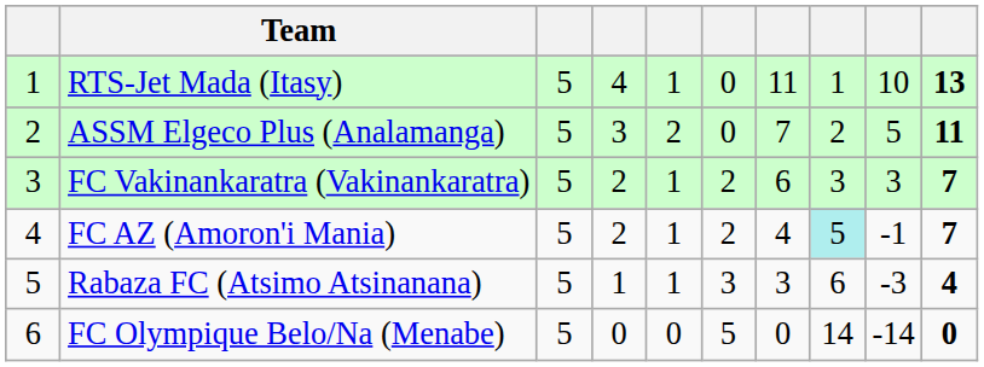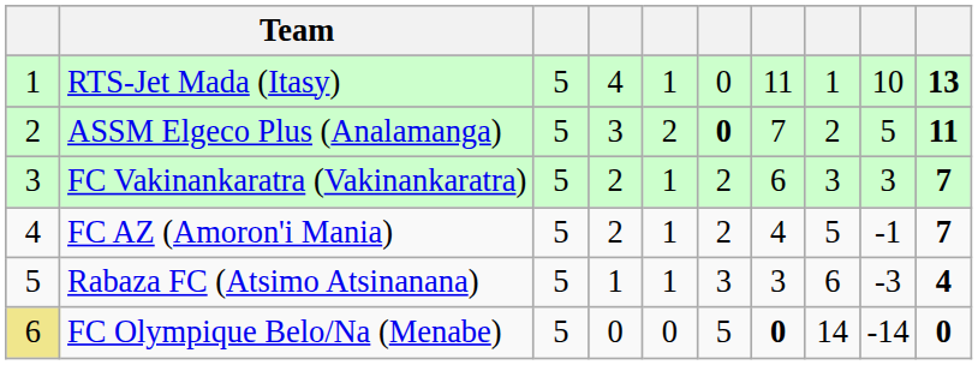 <table class="wikitable" style="text-align: center;">
 <tr>
 <th width=20></th>
 <th>Team</th>
 <th width=20></th>
 <th width=20></th>
 <th width=20></th>
 <th width=20></th>
 <th width=20></th>
 <th width=20></th>
 <th width=20></th>
 <th width=20></th>
 </tr>
 <tr bgcolor=#ccffcc>
 <td>1</td>
 <td align=left><a href='#'>RTS-Jet Mada</a> (<a href='#'>Itasy</a>)</td>
 <td>5</td>
 <td>4</td>
 <td>1</td>
 <td>0</td>
 <td>11</td>
 <td>1</td>
 <td>10</td>
 <td><strong>13</strong></td>
 </tr>
 <tr bgcolor=#ccffcc>
 <td>2</td>
 <td align=left><a href='#'>ASSM Elgeco Plus</a> (<a href='#'>Analamanga</a>)</td>
 <td>5</td>
 <td>3</td>
 <td>2</td>
-<td>0</td>
+<td><strong>0</strong></td>
 <td>7</td>
 <td>2</td>
 <td>5</td>
 <td><strong>11</strong></td>
 </tr>
 <tr bgcolor=#ccffcc>
 <td>3</td>
 <td align=left><a href='#'>FC Vakinankaratra</a> (<a href='#'>Vakinankaratra</a>)</td>
 <td>5</td>
 <td>2</td>
 <td>1</td>
 <td>2</td>
 <td>6</td>
 <td>3</td>
 <td>3</td>
 <td><strong>7</strong></td>
 </tr>
 <tr>
 <td>4</td>
 <td align=left><a href='#'>FC AZ</a> (<a href='#'>Amoron'i Mania</a>)</td>
 <td>5</td>
 <td>2</td>
 <td>1</td>
 <td>2</td>
 <td>4</td>
-<td style="background: paleturquoise;">5</td>
+<td>5</td>
 <td>-1</td>
 <td><strong>7</strong></td>
 </tr>
 <tr>
 <td>5</td>
 <td align=left><a href='#'>Rabaza FC</a> (<a href='#'>Atsimo Atsinanana</a>)</td>
 <td>5</td>
 <td>1</td>
 <td>1</td>
 <td>3</td>
 <td>3</td>
 <td>6</td>
 <td>-3</td>
 <td><strong>4</strong></td>
 </tr>
 <tr>
-<td>6</td>
+<td style="background: khaki;">6</td>
 <td align=left><a href='#'>FC Olympique Belo/Na</a> (<a href='#'>Menabe</a>)</td>
 <td>5</td>
 <td>0</td>
 <td>0</td>
 <td>5</td>
-<td>0</td>
+<td><strong>0</strong></td>
 <td>14</td>
 <td>-14</td>
 <td><strong>0</strong></td>
 </tr>
 </table>
